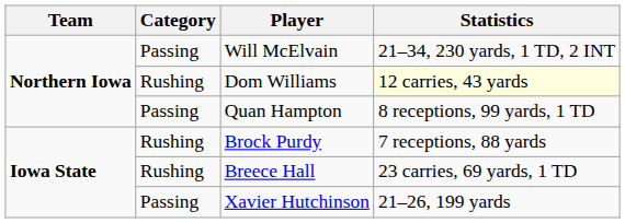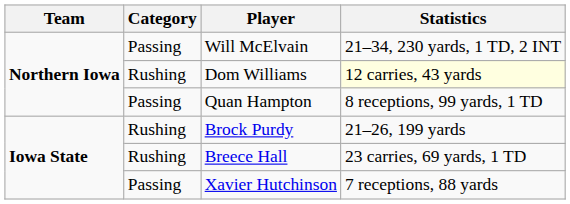 <table class="wikitable" style="float: right;">
 <tr>
 <th>Team</th>
 <th>Category</th>
 <th>Player</th>
 <th>Statistics</th>
 </tr>
 <tr>
 <td rowspan=3><strong>Northern Iowa</strong></td>
 <td>Passing</td>
 <td>Will McElvain</td>
 <td>21–34, 230 yards, 1 TD, 2 INT</td>
 </tr>
 <tr>
 <td>Rushing</td>
 <td>Dom Williams</td>
 <td style="background: lightyellow;">12 carries, 43 yards</td>
 </tr>
 <tr>
 <td>Passing</td>
 <td>Quan Hampton</td>
 <td>8 receptions, 99 yards, 1 TD</td>
 </tr>
 <tr>
 <td rowspan=3><strong>Iowa State</strong></td>
 <td>Rushing</td>
 <td><a href='#'>Brock Purdy</a></td>
-<td>7 receptions, 88 yards</td>
+<td>21–26, 199 yards</td>
 </tr>
 <tr>
 <td>Rushing</td>
 <td><a href='#'>Breece Hall</a></td>
 <td>23 carries, 69 yards, 1 TD</td>
 </tr>
 <tr>
 <td>Passing</td>
 <td><a href='#'>Xavier Hutchinson</a></td>
-<td>21–26, 199 yards</td>
+<td>7 receptions, 88 yards</td>
 </tr>
 </table>
